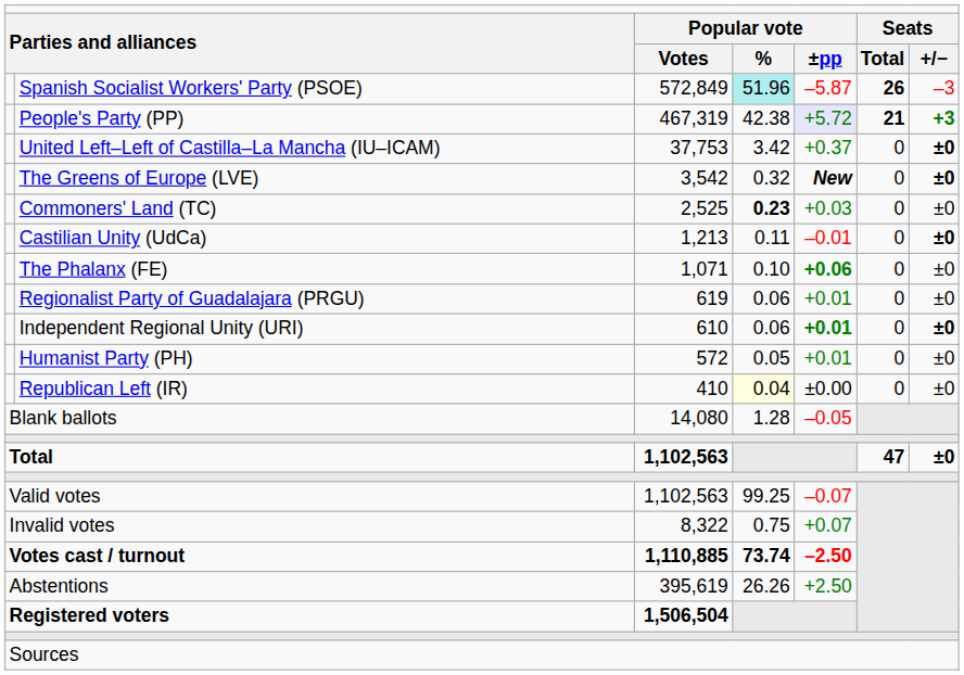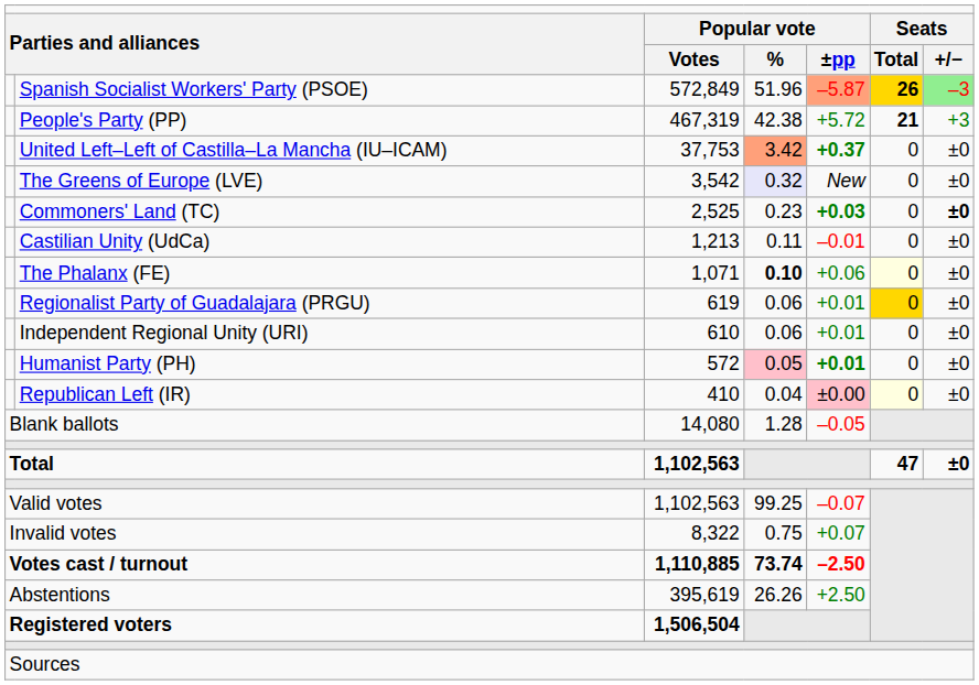 <table class="wikitable" style="text-align:right;">
 <tr>
 <td colspan="7"></td>
 </tr>
 <tr>
 <th style="text-align:left;" rowspan="2" colspan="2" width="525">Parties and alliances</th>
 <th colspan="3">Popular vote</th>
 <th colspan="2">Seats</th>
 </tr>
 <tr>
 <th width="75">Votes</th>
 <th width="45">%</th>
 <th width="45">±<a href='#'>pp</a></th>
 <th width="35">Total</th>
 <th width="35">+/−</th>
 </tr>
 <tr>
 <td width="1" style="color:inherit;background:"></td>
 <td align="left"><a href='#'>Spanish Socialist Workers' Party</a> (PSOE)</td>
 <td>572,849</td>
-<td style="background: paleturquoise;">51.96</td>
-<td style="color:red;">–5.87</td>
-<td><strong>26</strong></td>
-<td style="color:red;">–3</td>
+<td>51.96</td>
+<td style="background: lightsalmon; color:red;">–5.87</td>
+<td style="background: gold;"><strong>26</strong></td>
+<td style="background: lightgreen; color:red;">–3</td>
 </tr>
 <tr>
 <td style="color:inherit;background:"></td>
 <td align="left"><a href='#'>People's Party</a> (PP)</td>
 <td>467,319</td>
 <td>42.38</td>
-<td style="background: lavender; color:green;">+5.72</td>
+<td style="color:green;">+5.72</td>
 <td><strong>21</strong></td>
-<td style="color:green;"><strong>+3</strong></td>
+<td style="color:green;">+3</td>
 </tr>
 <tr>
 <td style="color:inherit;background:"></td>
 <td align="left"><a href='#'>United Left–Left of Castilla–La Mancha</a> (IU–ICAM)</td>
 <td>37,753</td>
-<td>3.42</td>
-<td style="color:green;">+0.37</td>
+<td style="background: lightsalmon;">3.42</td>
+<td style="color:green;"><strong>+0.37</strong></td>
 <td>0</td>
-<td><strong>±0</strong></td>
+<td>±0</td>
 </tr>
 <tr>
 <td style="color:inherit;background:"></td>
 <td align="left"><a href='#'>The Greens of Europe</a> (LVE)</td>
 <td>3,542</td>
-<td>0.32</td>
-<td><strong><em>New</em></strong></td>
+<td style="background: lavender;">0.32</td>
+<td><em>New</em></td>
 <td>0</td>
-<td><strong>±0</strong></td>
+<td>±0</td>
 </tr>
 <tr>
 <td style="color:inherit;background:"></td>
 <td align="left"><a href='#'>Commoners' Land</a> (TC)</td>
 <td>2,525</td>
-<td><strong>0.23</strong></td>
-<td style="color:green;">+0.03</td>
+<td>0.23</td>
+<td style="color:green;"><strong>+0.03</strong></td>
 <td>0</td>
-<td>±0</td>
+<td><strong>±0</strong></td>
 </tr>
 <tr>
 <td style="color:inherit;background:"></td>
 <td align="left"><a href='#'>Castilian Unity</a> (UdCa)</td>
 <td>1,213</td>
 <td>0.11</td>
 <td style="color:red;">–0.01</td>
 <td>0</td>
-<td><strong>±0</strong></td>
+<td>±0</td>
 </tr>
 <tr>
 <td style="color:inherit;background:"></td>
 <td align="left"><a href='#'>The Phalanx</a> (FE)</td>
 <td>1,071</td>
-<td>0.10</td>
-<td style="color:green;"><strong>+0.06</strong></td>
-<td>0</td>
+<td><strong>0.10</strong></td>
+<td style="color:green;">+0.06</td>
+<td style="background: lightyellow;">0</td>
 <td>±0</td>
 </tr>
 <tr>
 <td style="color:inherit;background:"></td>
 <td align="left"><a href='#'>Regionalist Party of Guadalajara</a> (PRGU)</td>
 <td>619</td>
 <td>0.06</td>
 <td style="color:green;">+0.01</td>
-<td>0</td>
+<td style="background: gold;">0</td>
 <td>±0</td>
 </tr>
 <tr>
 <td style="color:inherit;background:"></td>
 <td align="left">Independent Regional Unity (URI)</td>
 <td>610</td>
 <td>0.06</td>
-<td style="color:green;"><strong>+0.01</strong></td>
+<td style="color:green;">+0.01</td>
 <td>0</td>
-<td><strong>±0</strong></td>
+<td>±0</td>
 </tr>
 <tr>
 <td style="color:inherit;background:"></td>
 <td align="left"><a href='#'>Humanist Party</a> (PH)</td>
 <td>572</td>
-<td>0.05</td>
-<td style="color:green;">+0.01</td>
+<td style="background: pink;">0.05</td>
+<td style="color:green;"><strong>+0.01</strong></td>
 <td>0</td>
 <td>±0</td>
 </tr>
 <tr>
 <td style="color:inherit;background:"></td>
 <td align="left"><a href='#'>Republican Left</a> (IR)</td>
 <td>410</td>
-<td style="background: lightyellow;">0.04</td>
-<td>±0.00</td>
-<td>0</td>
+<td>0.04</td>
+<td style="background: pink;">±0.00</td>
+<td style="background: lightyellow;">0</td>
 <td>±0</td>
 </tr>
 <tr>
 <td align="left" colspan="2">Blank ballots</td>
 <td>14,080</td>
 <td>1.28</td>
 <td style="color:red;">–0.05</td>
 <td bgcolor="#E9E9E9" colspan="2"></td>
 </tr>
 <tr>
 <td colspan="7" bgcolor="#E9E9E9"></td>
 </tr>
 <tr style="font-weight:bold;">
 <td align="left" colspan="2">Total</td>
 <td>1,102,563</td>
 <td bgcolor="#E9E9E9" colspan="2"></td>
 <td>47</td>
 <td>±0</td>
 </tr>
 <tr>
 <td colspan="7" bgcolor="#E9E9E9"></td>
 </tr>
 <tr>
 <td align="left" colspan="2">Valid votes</td>
 <td>1,102,563</td>
 <td>99.25</td>
 <td style="color:red;">–0.07</td>
 <td bgcolor="#E9E9E9" colspan="2" rowspan="5"></td>
 </tr>
 <tr>
 <td align="left" colspan="2">Invalid votes</td>
 <td>8,322</td>
 <td>0.75</td>
 <td style="color:green;">+0.07</td>
 </tr>
 <tr style="font-weight:bold;">
 <td align="left" colspan="2">Votes cast / turnout</td>
 <td>1,110,885</td>
 <td>73.74</td>
 <td style="color:red;">–2.50</td>
 </tr>
 <tr>
 <td align="left" colspan="2">Abstentions</td>
 <td>395,619</td>
 <td>26.26</td>
 <td style="color:green;">+2.50</td>
 </tr>
 <tr style="font-weight:bold;">
 <td align="left" colspan="2">Registered voters</td>
 <td>1,506,504</td>
 <td bgcolor="#E9E9E9" colspan="2"></td>
 </tr>
 <tr>
 <td colspan="7" bgcolor="#E9E9E9"></td>
 </tr>
 <tr>
 <td align="left" colspan="7">Sources</td>
 </tr>
 </table>
